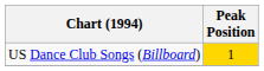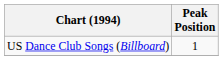 <table class="wikitable">
 <tr>
 <th>Chart (1994)</th>
 <th>Peak<br>Position</th>
 </tr>
 <tr>
 <td>US <a href='#'>Dance Club Songs</a> (<em><a href='#'>Billboard</a></em>)</td>
-<td align="center" style="background: gold;">1</td>
+<td align="center">1</td>
 </tr>
 <tr>
 </tr>
 </table>
